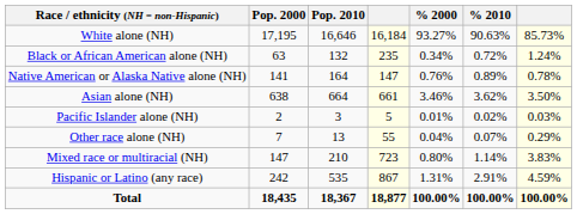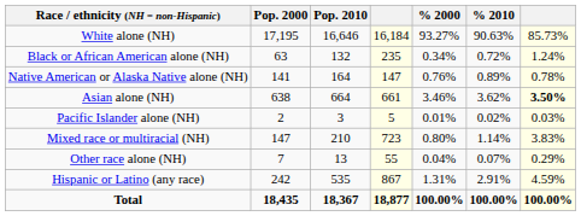 <table class="wikitable" style="text-align:center;">
 <tr>
 <th>Race / ethnicity <small>(<em>NH = non-Hispanic</em>)</small></th>
 <th>Pop. 2000</th>
 <th>Pop. 2010</th>
 <th></th>
 <th>% 2000</th>
 <th>% 2010</th>
 <th></th>
 </tr>
 <tr>
 <td><a href='#'>White</a> alone (NH)</td>
 <td>17,195</td>
 <td>16,646</td>
 <td style='background: #ffffe6;'>16,184</td>
 <td>93.27%</td>
 <td>90.63%</td>
 <td style='background: #ffffe6;'>85.73%</td>
 </tr>
 <tr>
 <td><a href='#'>Black or African American</a> alone (NH)</td>
 <td>63</td>
 <td>132</td>
 <td style='background: #ffffe6;'>235</td>
 <td>0.34%</td>
 <td>0.72%</td>
 <td style='background: #ffffe6;'>1.24%</td>
 </tr>
 <tr>
 <td><a href='#'>Native American</a> or <a href='#'>Alaska Native</a> alone (NH)</td>
 <td>141</td>
 <td>164</td>
 <td style='background: #ffffe6;'>147</td>
 <td>0.76%</td>
 <td>0.89%</td>
 <td style='background: #ffffe6;'>0.78%</td>
 </tr>
 <tr>
 <td><a href='#'>Asian</a> alone (NH)</td>
 <td>638</td>
 <td>664</td>
 <td style='background: #ffffe6;'>661</td>
 <td>3.46%</td>
 <td>3.62%</td>
-<td style='background: #ffffe6;'>3.50%</td>
+<td style='background: #ffffe6;'><strong>3.50%</strong></td>
 </tr>
 <tr>
 <td><a href='#'>Pacific Islander</a> alone (NH)</td>
 <td>2</td>
 <td>3</td>
 <td style='background: #ffffe6;'>5</td>
 <td>0.01%</td>
 <td>0.02%</td>
 <td style='background: #ffffe6;'>0.03%</td>
 </tr>
 <tr>
+<td><a href='#'>Mixed race or multiracial</a> (NH)</td>
+<td>147</td>
+<td>210</td>
+<td style='background: #ffffe6;'>723</td>
+<td>0.80%</td>
+<td>1.14%</td>
+<td style='background: #ffffe6;'>3.83%</td>
+</tr>
+<tr>
 <td><a href='#'>Other race</a> alone (NH)</td>
 <td>7</td>
 <td>13</td>
 <td style='background: #ffffe6;'>55</td>
 <td>0.04%</td>
 <td>0.07%</td>
 <td style='background: #ffffe6;'>0.29%</td>
-</tr>
-<tr>
-<td><a href='#'>Mixed race or multiracial</a> (NH)</td>
-<td>147</td>
-<td>210</td>
-<td style='background: #ffffe6;'>723</td>
-<td>0.80%</td>
-<td>1.14%</td>
-<td style='background: #ffffe6;'>3.83%</td>
 </tr>
 <tr>
 <td><a href='#'>Hispanic or Latino</a> (any race)</td>
 <td>242</td>
 <td>535</td>
 <td style='background: #ffffe6;'>867</td>
 <td>1.31%</td>
 <td>2.91%</td>
 <td style='background: #ffffe6;'>4.59%</td>
 </tr>
 <tr>
 <td><strong>Total</strong></td>
 <td><strong>18,435</strong></td>
 <td><strong>18,367</strong></td>
 <td style='background: #ffffe6;'><strong>18,877</strong></td>
 <td><strong>100.00%</strong></td>
 <td><strong>100.00%</strong></td>
 <td style='background: #ffffe6;'><strong>100.00%</strong></td>
 </tr>
 </table>
